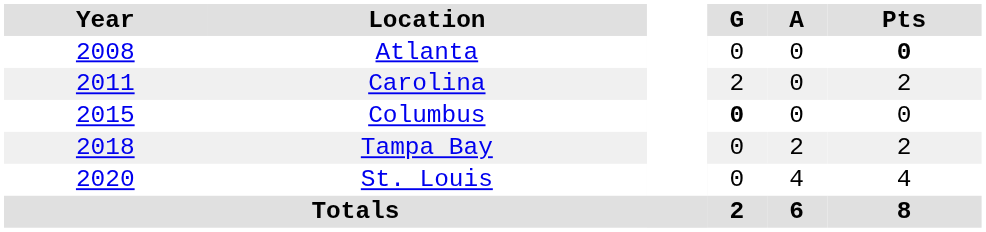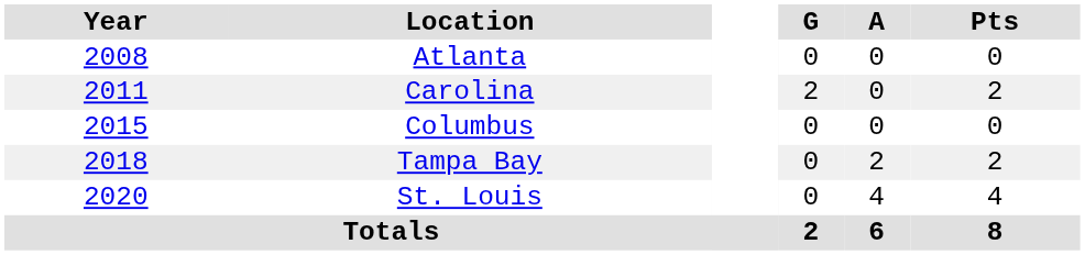 <table border="0" cellpadding="1" cellspacing="0" style="text-align:center; width:40em;">
 <tr bgcolor="#e0e0e0">
 <th>Year</th>
 <th>Location</th>
 <th rowspan="12" bgcolor="#ffffff"> </th>
 <th>G</th>
 <th>A</th>
 <th>Pts</th>
 </tr>
 <tr>
 <td><a href='#'>2008</a></td>
 <td><a href='#'>Atlanta</a></td>
 <td>0</td>
 <td>0</td>
-<td><strong>0</strong></td>
+<td>0</td>
 </tr>
 <tr bgcolor="#f0f0f0">
 <td><a href='#'>2011</a></td>
 <td><a href='#'>Carolina</a></td>
 <td>2</td>
 <td>0</td>
 <td>2</td>
 </tr>
 <tr>
 <td><a href='#'>2015</a></td>
 <td><a href='#'>Columbus</a></td>
-<td><strong>0</strong></td>
+<td>0</td>
 <td>0</td>
 <td>0</td>
 </tr>
 <tr bgcolor="#f0f0f0">
 <td><a href='#'>2018</a></td>
 <td><a href='#'>Tampa Bay</a></td>
 <td>0</td>
 <td>2</td>
 <td>2</td>
 </tr>
 <tr>
 <td><a href='#'>2020</a></td>
 <td><a href='#'>St. Louis</a></td>
 <td>0</td>
 <td>4</td>
 <td>4</td>
 </tr>
 <tr bgcolor="#e0e0e0">
 <th colspan="3">Totals</th>
 <th>2</th>
 <th>6</th>
 <th>8</th>
 </tr>
 </table>
